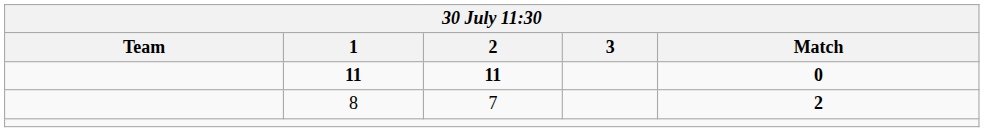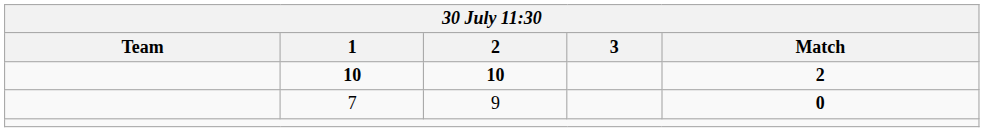 <table class=wikitable style="text-align:center; width: 55%">
 <tr>
 <th colspan=10><em>30 July 11:30</em></th>
 </tr>
 <tr>
 <th>Team</th>
 <th>1</th>
 <th>2</th>
 <th>3</th>
 <th>Match</th>
 </tr>
 <tr>
 <td align=left><strong><br></strong></td>
-<td><strong>11</strong></td>
-<td><strong>11</strong></td>
+<td><strong>10</strong></td>
+<td><strong>10</strong></td>
 <td></td>
-<td><strong>0</strong></td>
+<td><strong>2</strong></td>
 </tr>
 <tr>
 <td align=left><br></td>
-<td>8</td>
 <td>7</td>
+<td>9</td>
 <td></td>
-<td><strong>2</strong></td>
+<td><strong>0</strong></td>
 </tr>
 <tr>
 <td colspan=10></td>
 </tr>
 </table>
